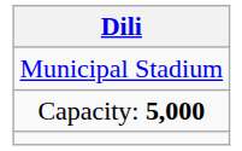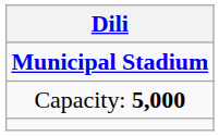 <table class="wikitable" style="margin:0.5em auto; text-align:center">
 <tr>
 <th><a href='#'>Dili</a></th>
 </tr>
 <tr>
-<td><a href='#'>Municipal Stadium</a></td>
+<td><strong><a href='#'>Municipal Stadium</a></strong></td>
 </tr>
 <tr>
 <td>Capacity: <strong>5,000</strong></td>
 </tr>
 <tr>
 <td></td>
 </tr>
 </table>
